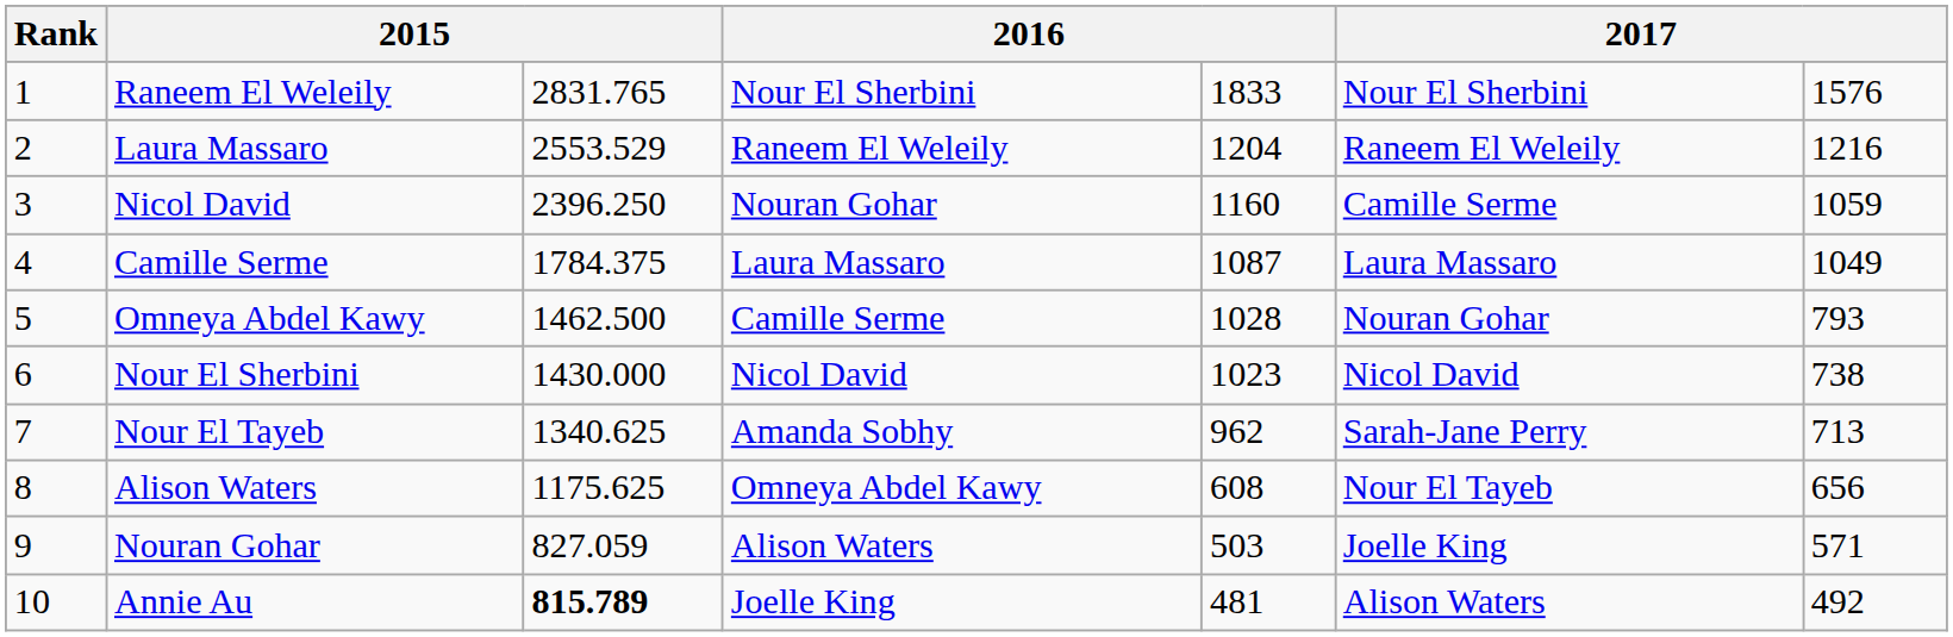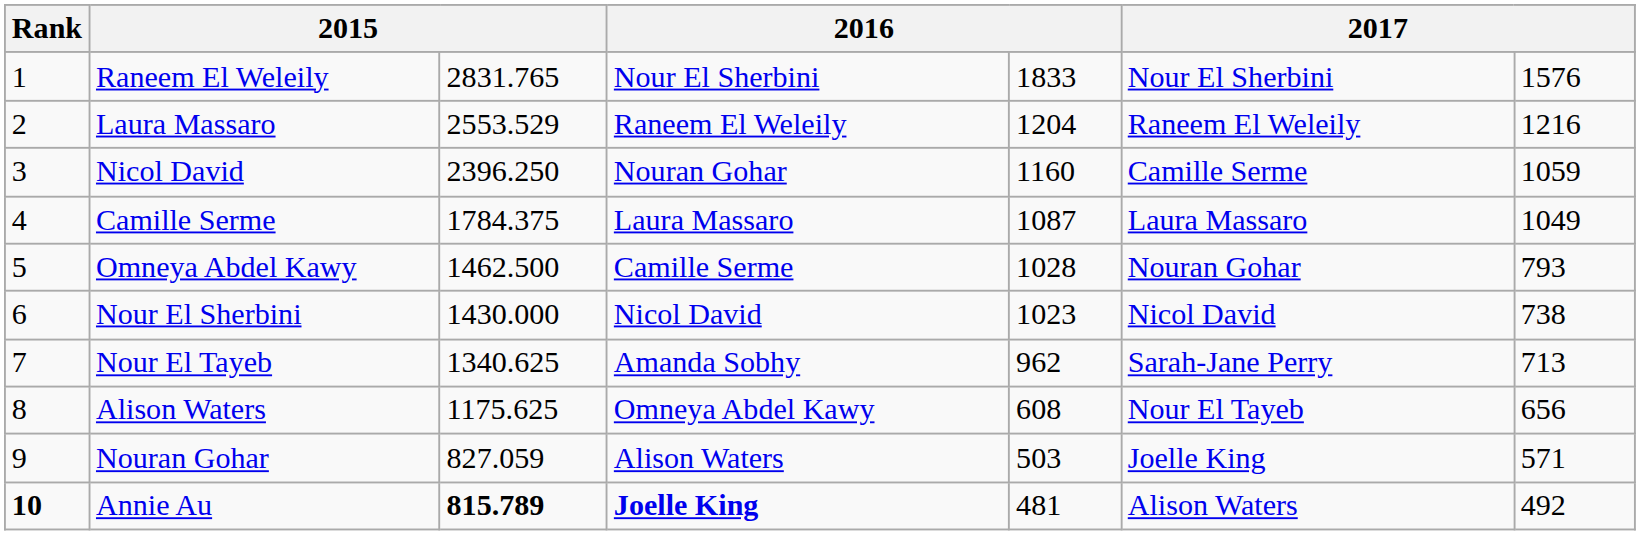 <table class=wikitable>
 <tr>
 <th>Rank</th>
 <th colspan=2 width="280">2015</th>
 <th colspan=2 width="280">2016</th>
 <th colspan=2 width="280">2017</th>
 </tr>
 <tr>
 <td>1</td>
 <td> <a href='#'>Raneem El Weleily</a></td>
 <td>2831.765</td>
 <td> <a href='#'>Nour El Sherbini</a></td>
 <td>1833</td>
 <td> <a href='#'>Nour El Sherbini</a></td>
 <td>1576</td>
 </tr>
 <tr>
 <td>2</td>
 <td> <a href='#'>Laura Massaro</a></td>
 <td>2553.529</td>
 <td> <a href='#'>Raneem El Weleily</a></td>
 <td>1204</td>
 <td> <a href='#'>Raneem El Weleily</a></td>
 <td>1216</td>
 </tr>
 <tr>
 <td>3</td>
 <td> <a href='#'>Nicol David</a></td>
 <td>2396.250</td>
 <td> <a href='#'>Nouran Gohar</a></td>
 <td>1160</td>
 <td> <a href='#'>Camille Serme</a></td>
 <td>1059</td>
 </tr>
 <tr>
 <td>4</td>
 <td> <a href='#'>Camille Serme</a></td>
 <td>1784.375</td>
 <td> <a href='#'>Laura Massaro</a></td>
 <td>1087</td>
 <td> <a href='#'>Laura Massaro</a></td>
 <td>1049</td>
 </tr>
 <tr>
 <td>5</td>
 <td> <a href='#'>Omneya Abdel Kawy</a></td>
 <td>1462.500</td>
 <td> <a href='#'>Camille Serme</a></td>
 <td>1028</td>
 <td> <a href='#'>Nouran Gohar</a></td>
 <td>793</td>
 </tr>
 <tr>
 <td>6</td>
 <td> <a href='#'>Nour El Sherbini</a></td>
 <td>1430.000</td>
 <td> <a href='#'>Nicol David</a></td>
 <td>1023</td>
 <td> <a href='#'>Nicol David</a></td>
 <td>738</td>
 </tr>
 <tr>
 <td>7</td>
 <td> <a href='#'>Nour El Tayeb</a></td>
 <td>1340.625</td>
 <td> <a href='#'>Amanda Sobhy</a></td>
 <td>962</td>
 <td> <a href='#'>Sarah-Jane Perry</a></td>
 <td>713</td>
 </tr>
 <tr>
 <td>8</td>
 <td> <a href='#'>Alison Waters</a></td>
 <td>1175.625</td>
 <td> <a href='#'>Omneya Abdel Kawy</a></td>
 <td>608</td>
 <td> <a href='#'>Nour El Tayeb</a></td>
 <td>656</td>
 </tr>
 <tr>
 <td>9</td>
 <td> <a href='#'>Nouran Gohar</a></td>
 <td>827.059</td>
 <td> <a href='#'>Alison Waters</a></td>
 <td>503</td>
 <td> <a href='#'>Joelle King</a></td>
 <td>571</td>
 </tr>
 <tr>
-<td>10</td>
+<td><strong>10</strong></td>
 <td> <a href='#'>Annie Au</a></td>
 <td><strong>815.789</strong></td>
-<td> <a href='#'>Joelle King</a></td>
+<td><strong> <a href='#'>Joelle King</a></strong></td>
 <td>481</td>
 <td> <a href='#'>Alison Waters</a></td>
 <td>492</td>
 </tr>
 </table>
